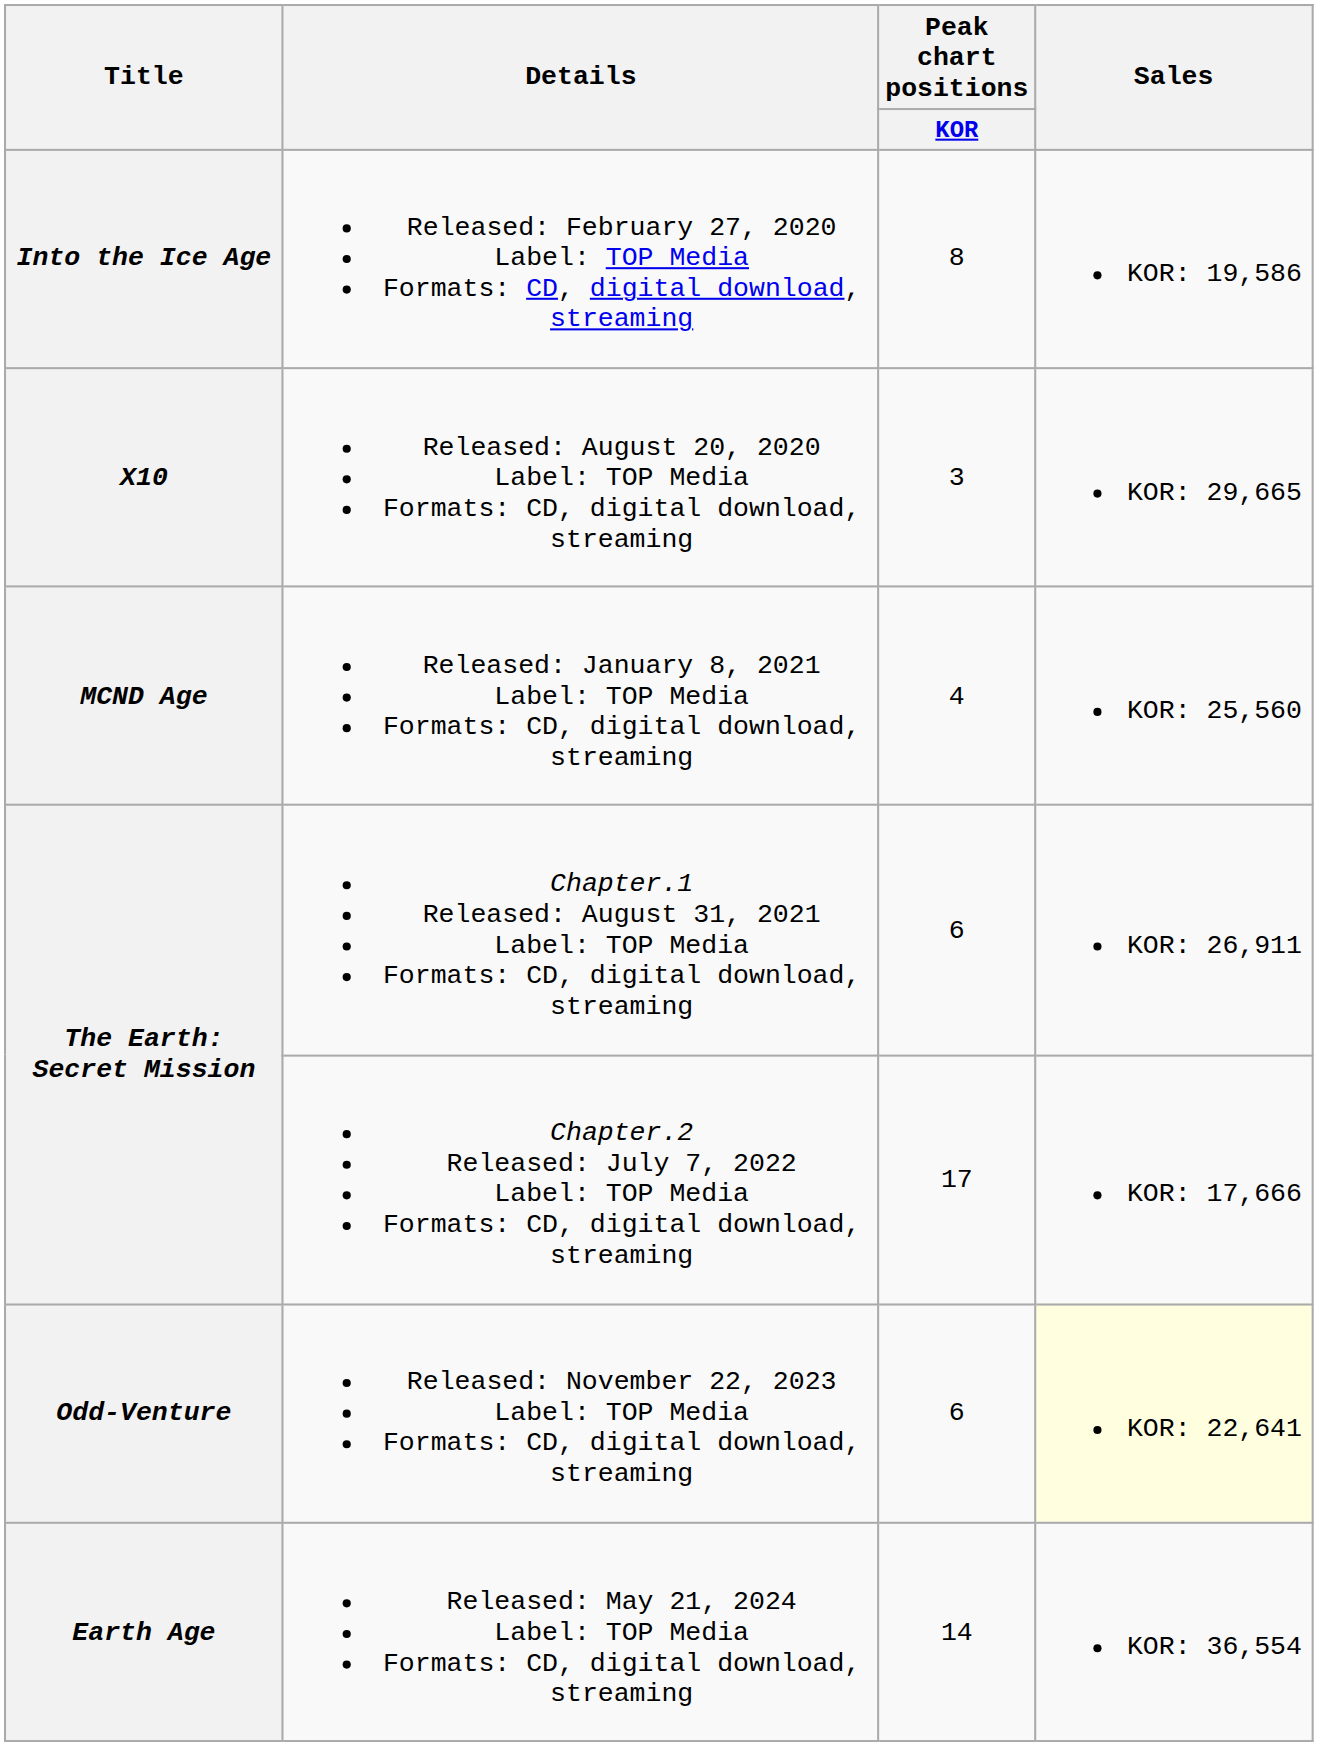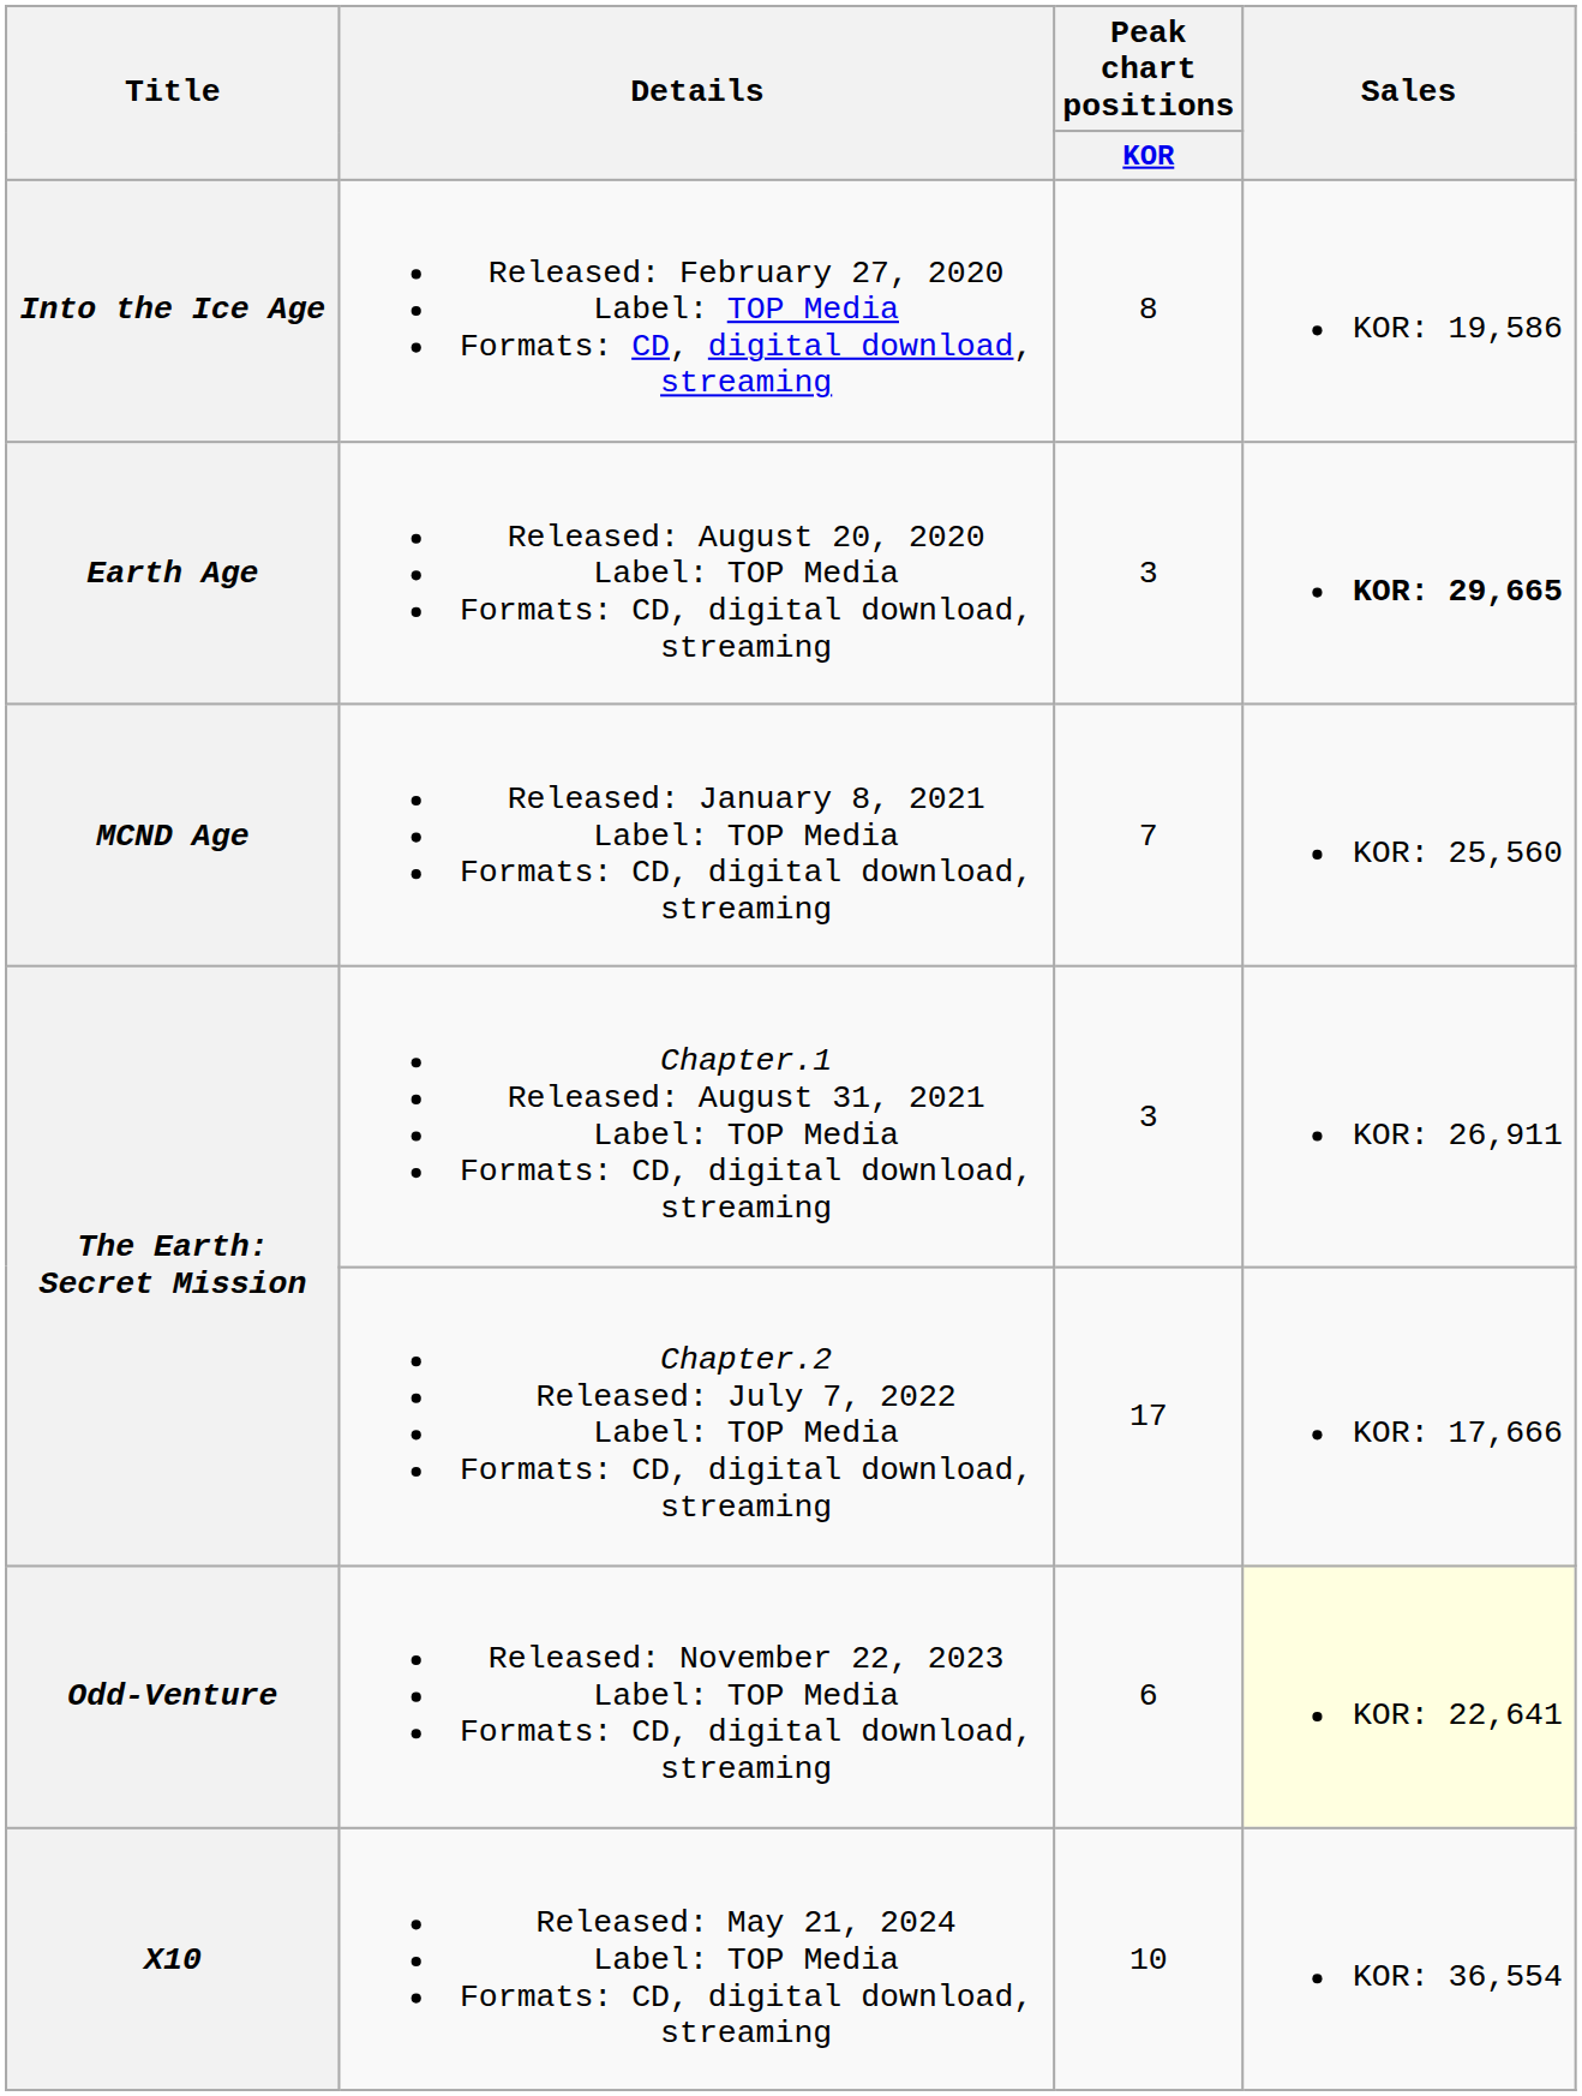 <table class="wikitable plainrowheaders" style="text-align:center;">
 <tr>
 <th rowspan="2" style="width:10em;">Title</th>
 <th rowspan="2" style="width:22em;">Details</th>
 <th scope="col" colspan="1">Peak chart positions</th>
 <th rowspan="2" style="width:10em;">Sales</th>
 </tr>
 <tr>
 <th style="width:2.5em;font-size:90%;"><a href='#'>KOR</a><br></th>
 </tr>
 <tr>
 <th scope="row"><em>Into the Ice Age</em></th>
 <td><br><ul><li>Released: February 27, 2020</li><li>Label: <a href='#'>TOP Media</a></li><li>Formats: <a href='#'>CD</a>, <a href='#'>digital download</a>, <a href='#'>streaming</a></li></ul></td>
 <td>8</td>
 <td><br><ul><li>KOR: 19,586</li></ul></td>
 </tr>
 <tr>
-<th scope="row"><em>X10</em></th>
+<th scope="row"><em>Earth Age</em></th>
 <td><br><ul><li>Released: August 20, 2020</li><li>Label: TOP Media</li><li>Formats: CD, digital download, streaming</li></ul></td>
 <td>3</td>
-<td><br><ul><li>KOR: 29,665</li></ul></td>
+<td><strong><br><ul><li>KOR: 29,665</li></ul></strong></td>
 </tr>
 <tr>
 <th scope="row"><em>MCND Age</em></th>
 <td><br><ul><li>Released: January 8, 2021</li><li>Label: TOP Media</li><li>Formats: CD, digital download, streaming</li></ul></td>
-<td>4</td>
+<td>7</td>
 <td><br><ul><li>KOR: 25,560</li></ul></td>
 </tr>
 <tr>
 <th rowspan="2" scope="row"><em>The Earth: Secret Mission</em></th>
 <td><br><ul><li><em>Chapter.1</em></li><li>Released: August 31, 2021</li><li>Label: TOP Media</li><li>Formats: CD, digital download, streaming</li></ul></td>
-<td>6</td>
+<td>3</td>
 <td><br><ul><li>KOR: 26,911</li></ul></td>
 </tr>
 <tr>
 <td><br><ul><li><em>Chapter.2</em></li><li>Released: July 7, 2022</li><li>Label: TOP Media</li><li>Formats: CD, digital download, streaming</li></ul></td>
 <td>17</td>
 <td><br><ul><li>KOR: 17,666</li></ul></td>
 </tr>
 <tr>
 <th scope="row"><em>Odd-Venture</em></th>
 <td><br><ul><li>Released: November 22, 2023</li><li>Label: TOP Media</li><li>Formats: CD, digital download, streaming</li></ul></td>
 <td>6</td>
 <td style="background: lightyellow;"><br><ul><li>KOR: 22,641</li></ul></td>
 </tr>
 <tr>
-<th scope="row"><em>Earth Age</em></th>
+<th scope="row"><em>X10</em></th>
 <td><br><ul><li>Released: May 21, 2024</li><li>Label: TOP Media</li><li>Formats: CD, digital download, streaming</li></ul></td>
-<td>14</td>
+<td>10</td>
 <td><br><ul><li>KOR: 36,554</li></ul></td>
 </tr>
 </table>
